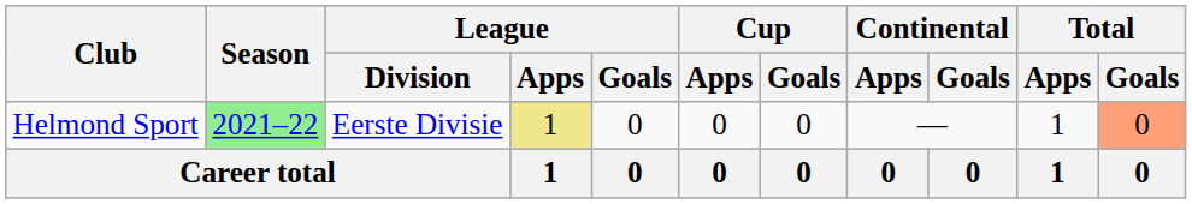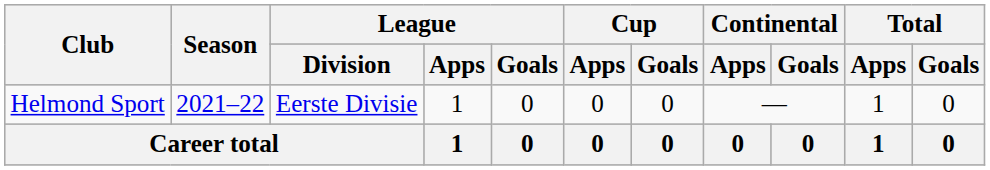 <table class="wikitable" Style="text-align: center">
 <tr>
 <th rowspan="2">Club</th>
 <th rowspan="2">Season</th>
 <th colspan="3">League</th>
 <th colspan="2">Cup</th>
 <th colspan="2">Continental</th>
 <th colspan="2">Total</th>
 </tr>
 <tr>
 <th>Division</th>
 <th>Apps</th>
 <th>Goals</th>
 <th>Apps</th>
 <th>Goals</th>
 <th>Apps</th>
 <th>Goals</th>
 <th>Apps</th>
 <th>Goals</th>
 </tr>
 <tr>
 <td rowspan="1"><a href='#'>Helmond Sport</a></td>
-<td style="background: lightgreen;"><a href='#'>2021–22</a></td>
+<td><a href='#'>2021–22</a></td>
 <td rowspan="1"><a href='#'>Eerste Divisie</a></td>
-<td style="background: khaki;">1</td>
+<td>1</td>
 <td>0</td>
 <td>0</td>
 <td>0</td>
 <td colspan="2">—</td>
 <td>1</td>
-<td style="background: lightsalmon;">0</td>
+<td>0</td>
 </tr>
 <tr>
 <th colspan="3">Career total</th>
 <th>1</th>
 <th>0</th>
 <th>0</th>
 <th>0</th>
 <th>0</th>
 <th>0</th>
 <th>1</th>
 <th>0</th>
 </tr>
 </table>
